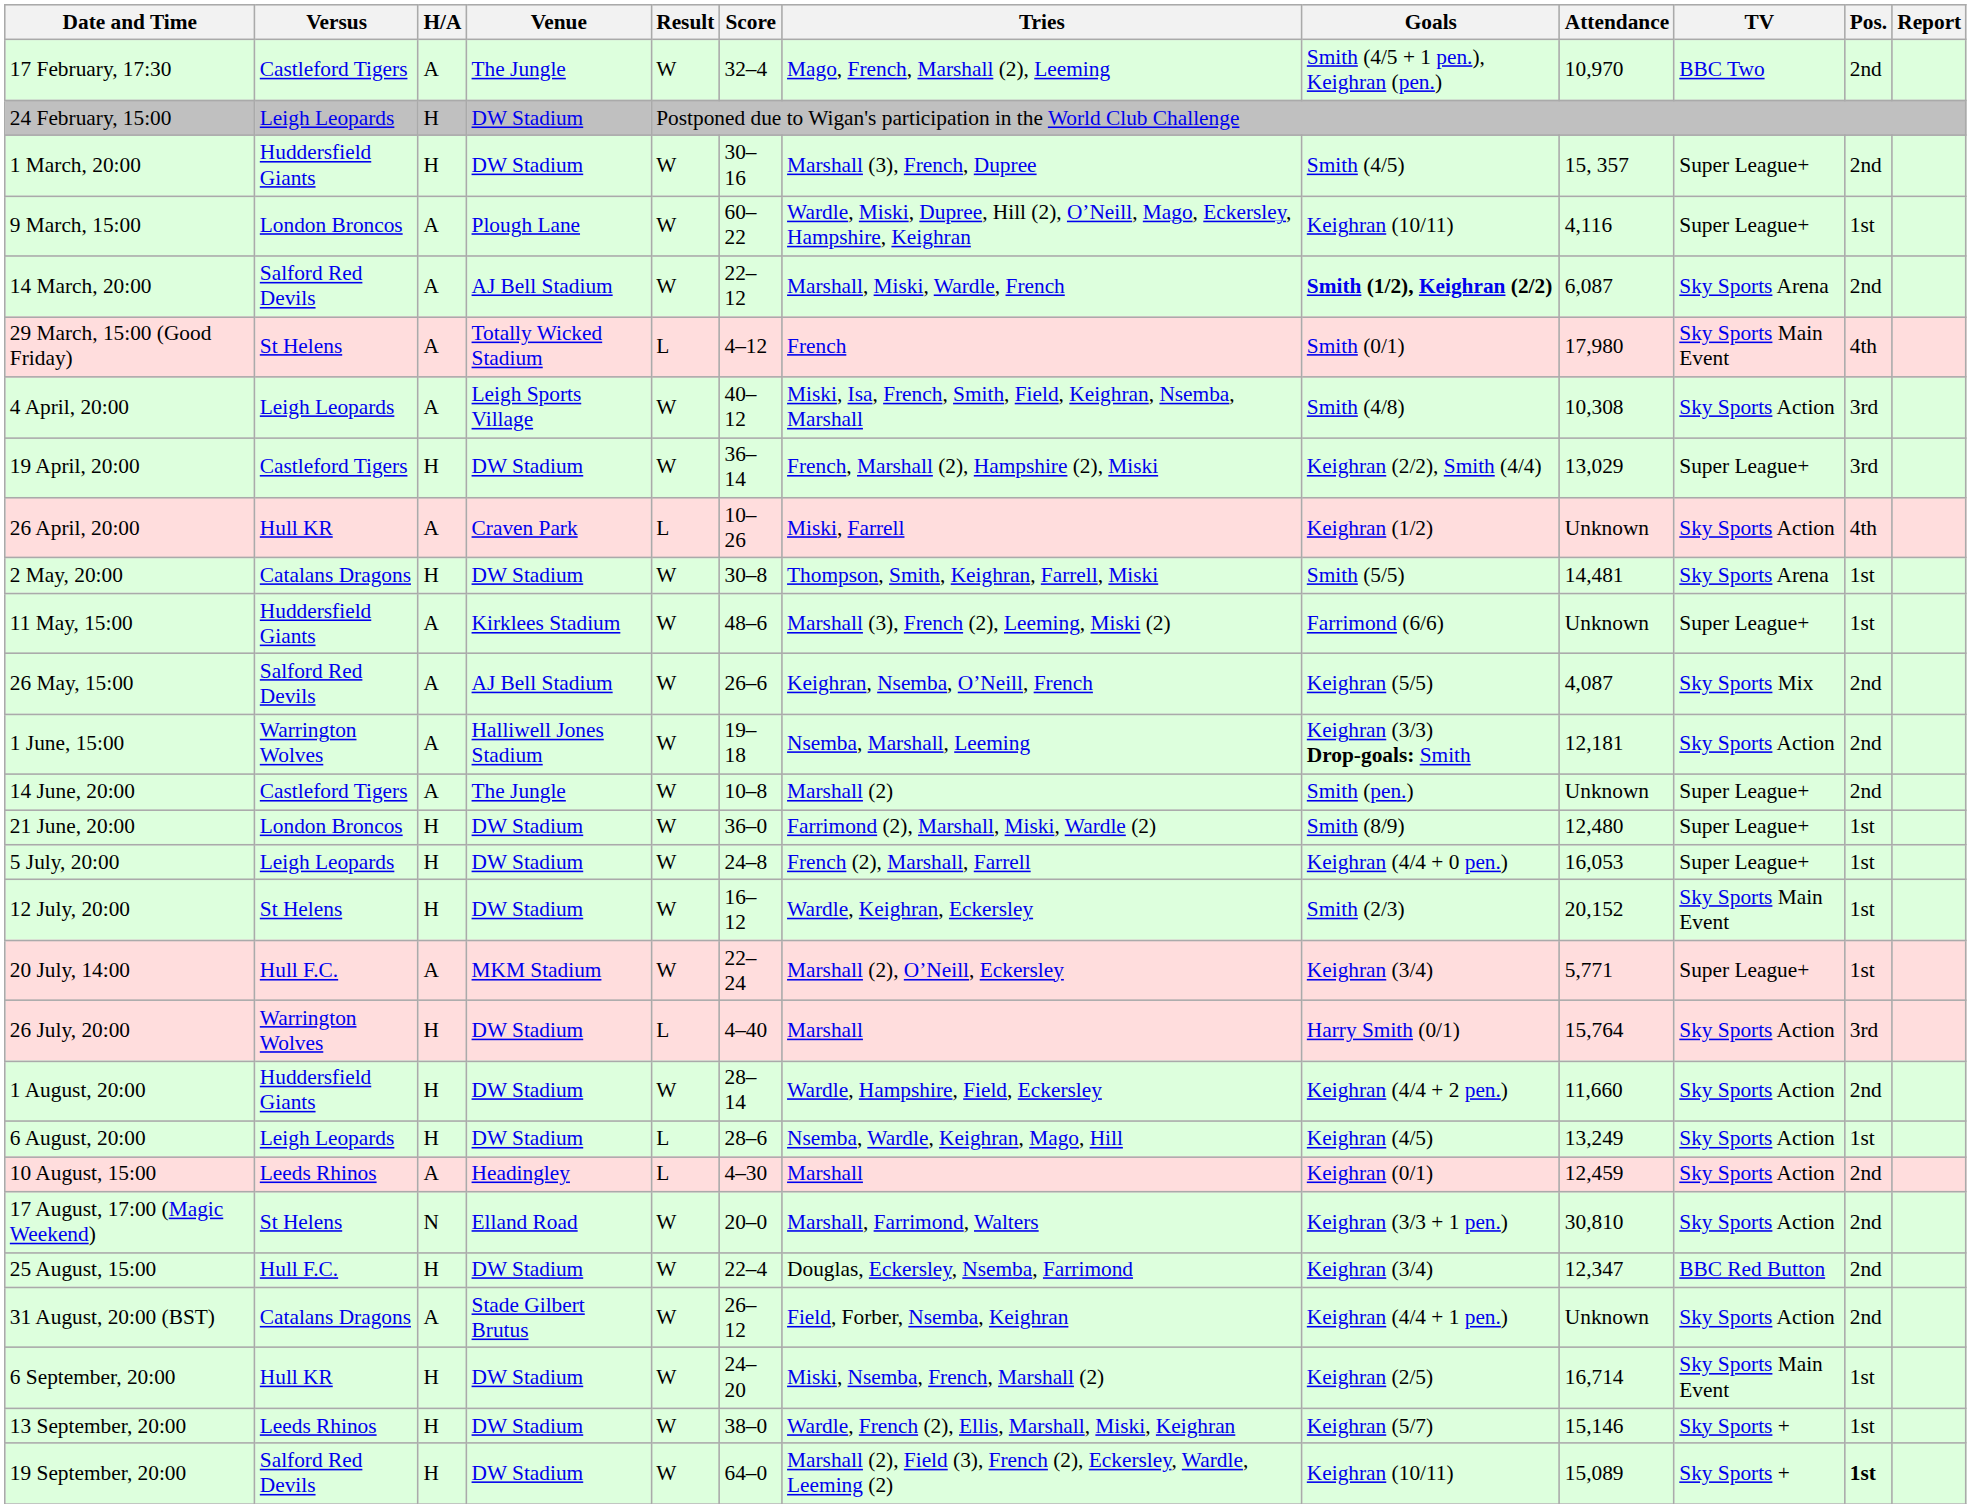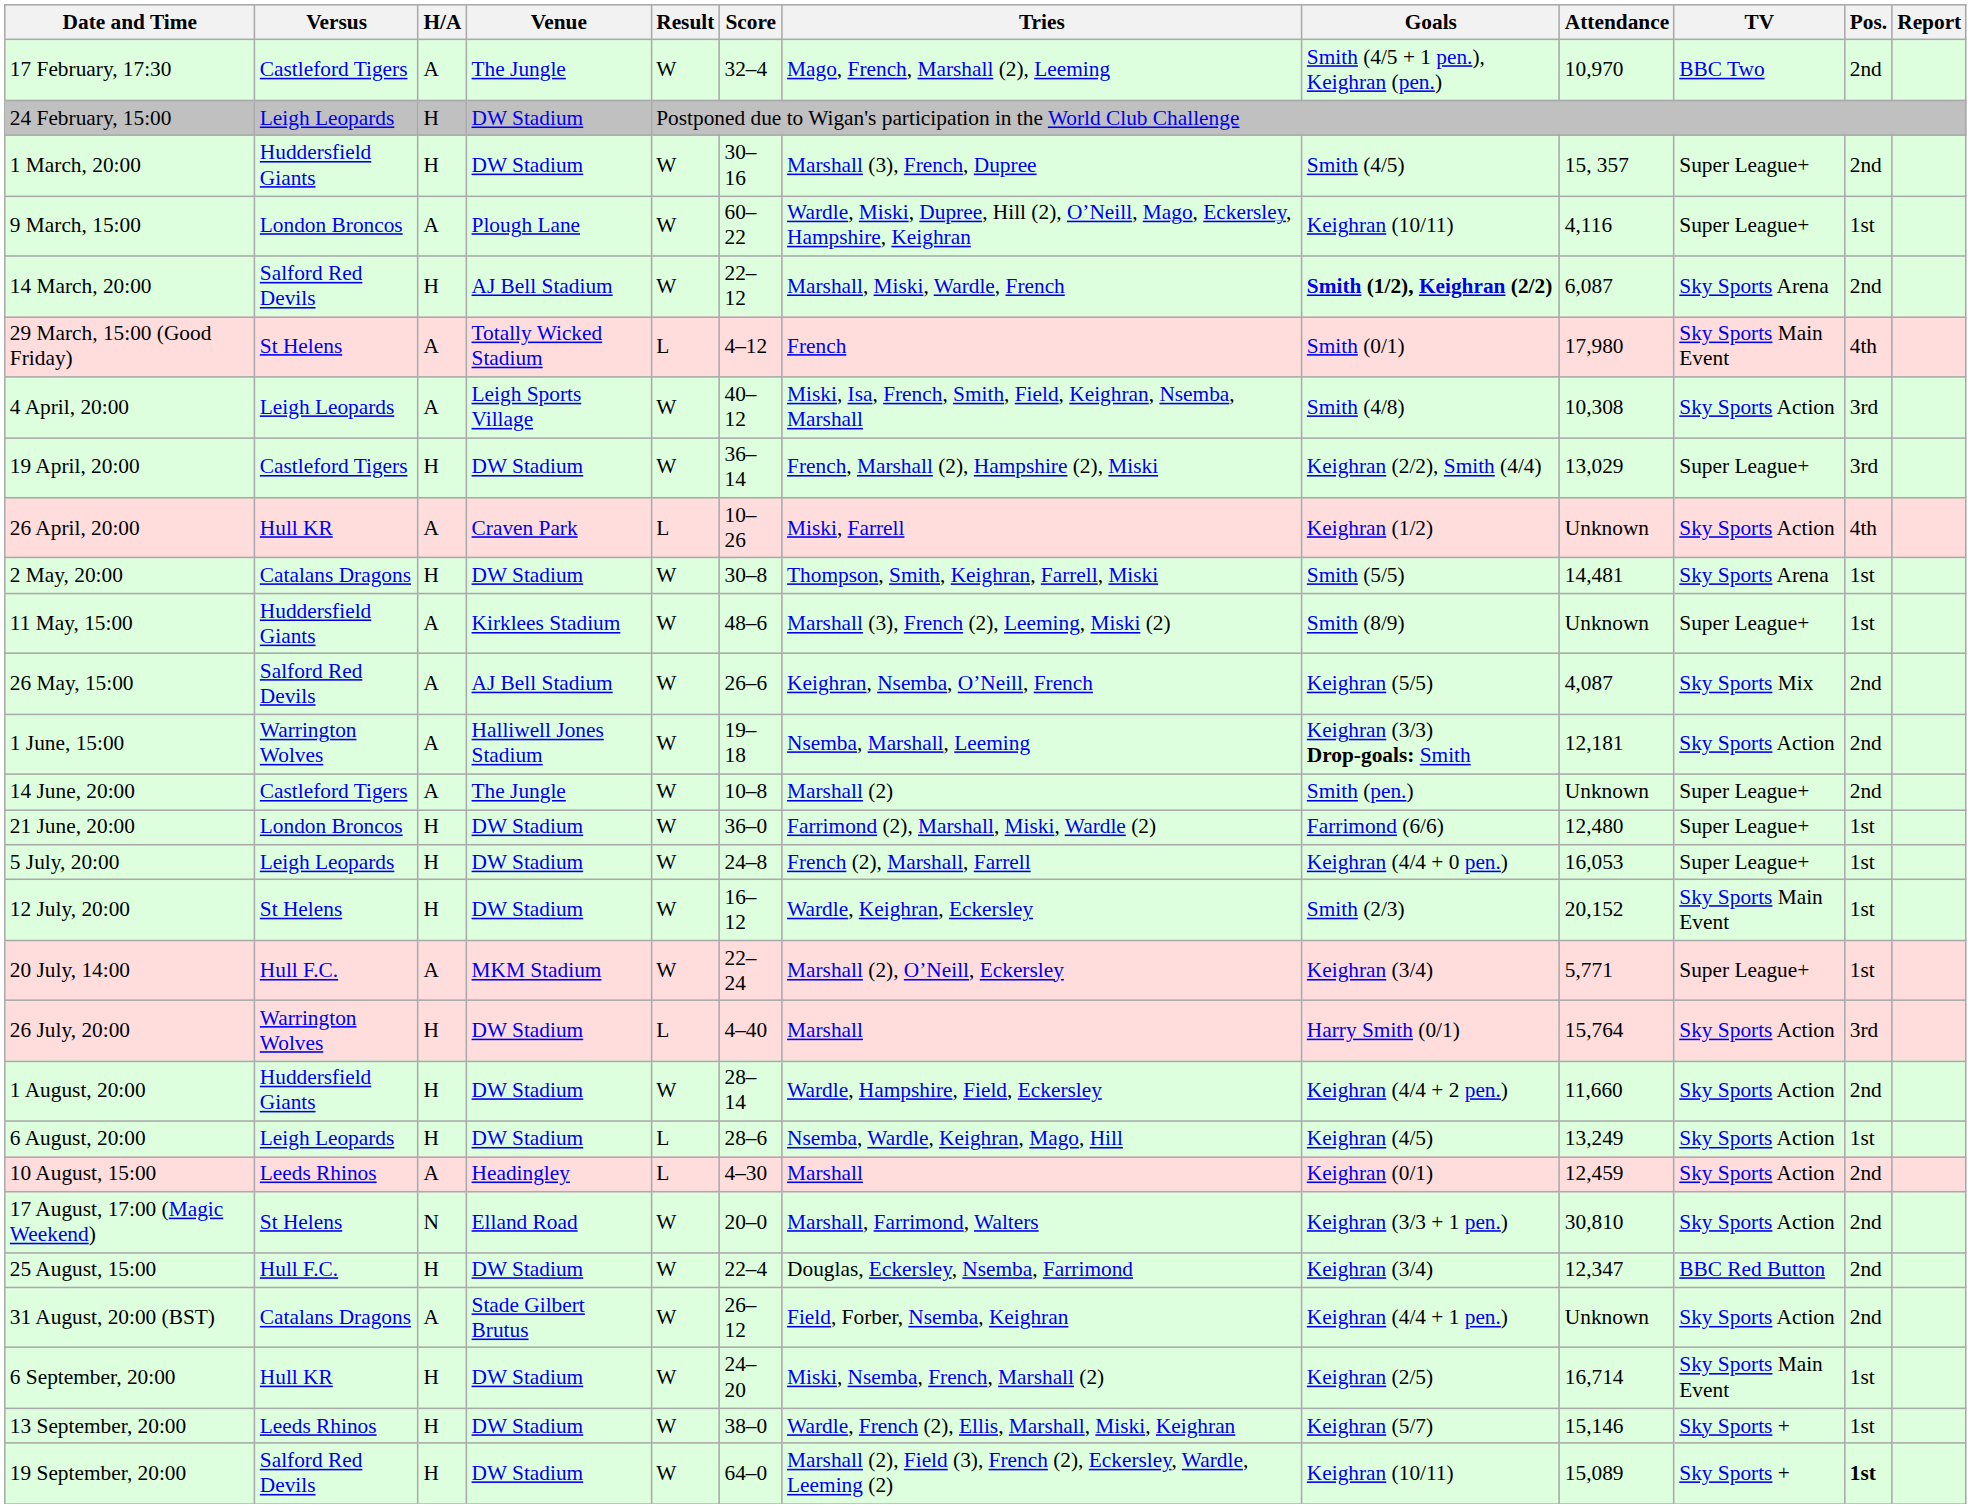 <table class="wikitable" style="font-size:85%;">
 <tr>
 <th>Date and Time</th>
 <th>Versus</th>
 <th>H/A</th>
 <th>Venue</th>
 <th>Result</th>
 <th>Score</th>
 <th>Tries</th>
 <th>Goals</th>
 <th>Attendance</th>
 <th>TV</th>
 <th>Pos.</th>
 <th>Report</th>
 </tr>
 <tr style="background:#ddffdd">
 <td>17 February, 17:30</td>
 <td> <a href='#'>Castleford Tigers</a></td>
 <td>A</td>
 <td><a href='#'>The Jungle</a></td>
 <td>W</td>
 <td>32–4</td>
 <td><a href='#'>Mago</a>, <a href='#'>French</a>, <a href='#'>Marshall</a> (2), <a href='#'>Leeming</a></td>
 <td><a href='#'>Smith</a> (4/5 + 1 <a href='#'>pen.</a>), <a href='#'>Keighran</a> (<a href='#'>pen.</a>)</td>
 <td>10,970</td>
 <td><a href='#'>BBC Two</a></td>
 <td>2nd</td>
 <td></td>
 </tr>
 <tr style="background:#c0c0c0;">
 <td>24 February, 15:00</td>
 <td> <a href='#'>Leigh Leopards</a></td>
 <td>H</td>
 <td><a href='#'>DW Stadium</a></td>
 <td colspan="8">Postponed due to Wigan's participation in the <a href='#'>World Club Challenge</a></td>
 </tr>
 <tr style="background:#ddffdd">
 <td>1 March, 20:00</td>
 <td> <a href='#'>Huddersfield Giants</a></td>
 <td>H</td>
 <td><a href='#'>DW Stadium</a></td>
 <td>W</td>
 <td>30–16</td>
 <td><a href='#'>Marshall</a> (3), <a href='#'>French</a>, <a href='#'>Dupree</a></td>
 <td><a href='#'>Smith</a> (4/5)</td>
 <td>15, 357</td>
 <td>Super League+</td>
 <td>2nd</td>
 <td></td>
 </tr>
 <tr style="background:#ddffdd">
 <td>9 March, 15:00</td>
 <td> <a href='#'>London Broncos</a></td>
 <td>A</td>
 <td><a href='#'>Plough Lane</a></td>
 <td>W</td>
 <td>60–22</td>
 <td><a href='#'>Wardle</a>, <a href='#'>Miski</a>, <a href='#'>Dupree</a>, Hill (2), <a href='#'>O’Neill</a>, <a href='#'>Mago</a>, <a href='#'>Eckersley</a>, <a href='#'>Hampshire</a>, <a href='#'>Keighran</a></td>
 <td><a href='#'>Keighran</a> (10/11)</td>
 <td>4,116</td>
 <td>Super League+</td>
 <td>1st</td>
 <td></td>
 </tr>
 <tr style="background:#ddffdd">
 <td>14 March, 20:00</td>
 <td> <a href='#'>Salford Red Devils</a></td>
-<td>A</td>
+<td>H</td>
 <td><a href='#'>AJ Bell Stadium</a></td>
 <td>W</td>
 <td>22–12</td>
 <td><a href='#'>Marshall</a>, <a href='#'>Miski</a>, <a href='#'>Wardle</a>, <a href='#'>French</a></td>
 <td><strong><a href='#'>Smith</a> (1/2), <a href='#'>Keighran</a> (2/2)</strong></td>
 <td>6,087</td>
 <td><a href='#'>Sky Sports</a> Arena</td>
 <td>2nd</td>
 <td></td>
 </tr>
 <tr style="background:#ffdddd">
 <td>29 March, 15:00 (Good Friday)</td>
 <td> <a href='#'>St Helens</a></td>
 <td>A</td>
 <td><a href='#'>Totally Wicked Stadium</a></td>
 <td>L</td>
 <td>4–12</td>
 <td><a href='#'>French</a></td>
 <td><a href='#'>Smith</a> (0/1)</td>
 <td>17,980</td>
 <td><a href='#'>Sky Sports</a> Main Event</td>
 <td>4th</td>
 <td></td>
 </tr>
 <tr style="background:#ddffdd">
 <td>4 April, 20:00</td>
 <td> <a href='#'>Leigh Leopards</a></td>
 <td>A</td>
 <td><a href='#'>Leigh Sports Village</a></td>
 <td>W</td>
 <td>40–12</td>
 <td><a href='#'>Miski</a>, <a href='#'>Isa</a>, <a href='#'>French</a>, <a href='#'>Smith</a>, <a href='#'>Field</a>, <a href='#'>Keighran</a>, <a href='#'>Nsemba</a>, <a href='#'>Marshall</a></td>
 <td><a href='#'>Smith</a> (4/8)</td>
 <td>10,308</td>
 <td><a href='#'>Sky Sports</a> Action</td>
 <td>3rd</td>
 <td></td>
 </tr>
 <tr style="background:#ddffdd">
 <td>19 April, 20:00</td>
 <td> <a href='#'>Castleford Tigers</a></td>
 <td>H</td>
 <td><a href='#'>DW Stadium</a></td>
 <td>W</td>
 <td>36–14</td>
 <td><a href='#'>French</a>, <a href='#'>Marshall</a> (2), <a href='#'>Hampshire</a> (2), <a href='#'>Miski</a></td>
 <td><a href='#'>Keighran</a> (2/2), <a href='#'>Smith</a> (4/4)</td>
 <td>13,029</td>
 <td>Super League+</td>
 <td>3rd</td>
 <td></td>
 </tr>
 <tr style="background:#ffdddd">
 <td>26 April, 20:00</td>
 <td> <a href='#'>Hull KR</a></td>
 <td>A</td>
 <td><a href='#'>Craven Park</a></td>
 <td>L</td>
 <td>10–26</td>
 <td><a href='#'>Miski</a>, <a href='#'>Farrell</a></td>
 <td><a href='#'>Keighran</a> (1/2)</td>
 <td>Unknown</td>
 <td><a href='#'>Sky Sports</a> Action</td>
 <td>4th</td>
 <td></td>
 </tr>
 <tr style="background:#ddffdd">
 <td>2 May, 20:00</td>
 <td> <a href='#'>Catalans Dragons</a></td>
 <td>H</td>
 <td><a href='#'>DW Stadium</a></td>
 <td>W</td>
 <td>30–8</td>
 <td><a href='#'>Thompson</a>, <a href='#'>Smith</a>, <a href='#'>Keighran</a>, <a href='#'>Farrell</a>, <a href='#'>Miski</a></td>
 <td><a href='#'>Smith</a> (5/5)</td>
 <td>14,481</td>
 <td><a href='#'>Sky Sports</a> Arena</td>
 <td>1st</td>
 <td></td>
 </tr>
 <tr style="background:#ddffdd">
 <td>11 May, 15:00</td>
 <td> <a href='#'>Huddersfield Giants</a></td>
 <td>A</td>
 <td><a href='#'>Kirklees Stadium</a></td>
 <td>W</td>
 <td>48–6</td>
 <td><a href='#'>Marshall</a> (3), <a href='#'>French</a> (2), <a href='#'>Leeming</a>, <a href='#'>Miski</a> (2)</td>
-<td><a href='#'>Farrimond</a> (6/6)</td>
+<td><a href='#'>Smith</a> (8/9)</td>
 <td>Unknown</td>
 <td>Super League+</td>
 <td>1st</td>
 <td></td>
 </tr>
 <tr style="background:#ddffdd">
 <td>26 May, 15:00</td>
 <td> <a href='#'>Salford Red Devils</a></td>
 <td>A</td>
 <td><a href='#'>AJ Bell Stadium</a></td>
 <td>W</td>
 <td>26–6</td>
 <td><a href='#'>Keighran</a>, <a href='#'>Nsemba</a>, <a href='#'>O’Neill</a>, <a href='#'>French</a></td>
 <td><a href='#'>Keighran</a> (5/5)</td>
 <td>4,087</td>
 <td><a href='#'>Sky Sports</a> Mix</td>
 <td>2nd</td>
 <td></td>
 </tr>
 <tr style="background:#ddffdd">
 <td>1 June, 15:00</td>
 <td> <a href='#'>Warrington Wolves</a></td>
 <td>A</td>
 <td><a href='#'>Halliwell Jones Stadium</a></td>
 <td>W</td>
 <td>19–18</td>
 <td><a href='#'>Nsemba</a>, <a href='#'>Marshall</a>, <a href='#'>Leeming</a></td>
 <td><a href='#'>Keighran</a> (3/3) <br><strong>Drop-goals:</strong> <a href='#'>Smith</a></td>
 <td>12,181</td>
 <td><a href='#'>Sky Sports</a> Action</td>
 <td>2nd</td>
 <td></td>
 </tr>
 <tr style="background:#ddffdd">
 <td>14 June, 20:00</td>
 <td> <a href='#'>Castleford Tigers</a></td>
 <td>A</td>
 <td><a href='#'>The Jungle</a></td>
 <td>W</td>
 <td>10–8</td>
 <td><a href='#'>Marshall</a> (2)</td>
 <td><a href='#'>Smith</a> (<a href='#'>pen.</a>)</td>
 <td>Unknown</td>
 <td>Super League+</td>
 <td>2nd</td>
 <td></td>
 </tr>
 <tr style="background:#ddffdd">
 <td>21 June, 20:00</td>
 <td> <a href='#'>London Broncos</a></td>
 <td>H</td>
 <td><a href='#'>DW Stadium</a></td>
 <td>W</td>
 <td>36–0</td>
 <td><a href='#'>Farrimond</a> (2), <a href='#'>Marshall</a>, <a href='#'>Miski</a>, <a href='#'>Wardle</a> (2)</td>
-<td><a href='#'>Smith</a> (8/9)</td>
+<td><a href='#'>Farrimond</a> (6/6)</td>
 <td>12,480</td>
 <td>Super League+</td>
 <td>1st</td>
 <td></td>
 </tr>
 <tr style="background:#ddffdd">
 <td>5 July, 20:00</td>
 <td> <a href='#'>Leigh Leopards</a></td>
 <td>H</td>
 <td><a href='#'>DW Stadium</a></td>
 <td>W</td>
 <td>24–8</td>
 <td><a href='#'>French</a> (2), <a href='#'>Marshall</a>, <a href='#'>Farrell</a></td>
 <td><a href='#'>Keighran</a> (4/4 + 0 <a href='#'>pen.</a>)</td>
 <td>16,053</td>
 <td>Super League+</td>
 <td>1st</td>
 <td></td>
 </tr>
 <tr style="background:#ddffdd">
 <td>12 July, 20:00</td>
 <td> <a href='#'>St Helens</a></td>
 <td>H</td>
 <td><a href='#'>DW Stadium</a></td>
 <td>W</td>
 <td>16–12</td>
 <td><a href='#'>Wardle</a>, <a href='#'>Keighran</a>, <a href='#'>Eckersley</a></td>
 <td><a href='#'>Smith</a> (2/3)</td>
 <td>20,152</td>
 <td><a href='#'>Sky Sports</a> Main Event</td>
 <td>1st</td>
 <td></td>
 </tr>
 <tr style="background:#ffdddd">
 <td>20 July, 14:00</td>
 <td> <a href='#'>Hull F.C.</a></td>
 <td>A</td>
 <td><a href='#'>MKM Stadium</a></td>
 <td>W</td>
 <td>22–24</td>
 <td><a href='#'>Marshall</a> (2), <a href='#'>O’Neill</a>, <a href='#'>Eckersley</a></td>
 <td><a href='#'>Keighran</a> (3/4)</td>
 <td>5,771</td>
 <td>Super League+</td>
 <td>1st</td>
 <td></td>
 </tr>
 <tr style="background:#ffdddd">
 <td>26 July, 20:00</td>
 <td> <a href='#'>Warrington Wolves</a></td>
 <td>H</td>
 <td><a href='#'>DW Stadium</a></td>
 <td>L</td>
 <td>4–40</td>
 <td><a href='#'>Marshall</a></td>
 <td><a href='#'> Harry Smith</a> (0/1)</td>
 <td>15,764</td>
 <td><a href='#'>Sky Sports</a> Action</td>
 <td>3rd</td>
 <td></td>
 </tr>
 <tr style="background:#ddffdd">
 <td>1 August, 20:00</td>
 <td> <a href='#'>Huddersfield Giants</a></td>
 <td>H</td>
 <td><a href='#'>DW Stadium</a></td>
 <td>W</td>
 <td>28–14</td>
 <td><a href='#'>Wardle</a>, <a href='#'>Hampshire</a>, <a href='#'>Field</a>, <a href='#'>Eckersley</a></td>
 <td><a href='#'>Keighran</a> (4/4 + 2 <a href='#'>pen.</a>)</td>
 <td>11,660</td>
 <td><a href='#'>Sky Sports</a> Action</td>
 <td>2nd</td>
 <td></td>
 </tr>
 <tr style="background:#ddffdd">
 <td>6 August, 20:00</td>
 <td> <a href='#'>Leigh Leopards</a></td>
 <td>H</td>
 <td><a href='#'>DW Stadium</a></td>
 <td>L</td>
 <td>28–6</td>
 <td><a href='#'>Nsemba</a>, <a href='#'>Wardle</a>, <a href='#'>Keighran</a>, <a href='#'>Mago</a>, <a href='#'>Hill</a></td>
 <td><a href='#'>Keighran</a> (4/5)</td>
 <td>13,249</td>
 <td><a href='#'>Sky Sports</a> Action</td>
 <td>1st</td>
 <td></td>
 </tr>
 <tr style="background:#ffdddd">
 <td>10 August, 15:00</td>
 <td> <a href='#'>Leeds Rhinos</a></td>
 <td>A</td>
 <td><a href='#'>Headingley</a></td>
 <td>L</td>
 <td>4–30</td>
 <td><a href='#'>Marshall</a></td>
 <td><a href='#'>Keighran</a> (0/1)</td>
 <td>12,459</td>
 <td><a href='#'>Sky Sports</a> Action</td>
 <td>2nd</td>
 <td></td>
 </tr>
 <tr style="background:#ddffdd">
 <td>17 August, 17:00 (<a href='#'>Magic Weekend</a>)</td>
 <td> <a href='#'>St Helens</a></td>
 <td>N</td>
 <td><a href='#'>Elland Road</a></td>
 <td>W</td>
 <td>20–0</td>
 <td><a href='#'>Marshall</a>, <a href='#'>Farrimond</a>, <a href='#'>Walters</a></td>
 <td><a href='#'>Keighran</a> (3/3 + 1 <a href='#'>pen.</a>)</td>
 <td>30,810</td>
 <td><a href='#'>Sky Sports</a> Action</td>
 <td>2nd</td>
 <td></td>
 </tr>
 <tr style="background:#ddffdd">
 <td>25 August, 15:00</td>
 <td> <a href='#'>Hull F.C.</a></td>
 <td>H</td>
 <td><a href='#'>DW Stadium</a></td>
 <td>W</td>
 <td>22–4</td>
 <td>Douglas, <a href='#'>Eckersley</a>, <a href='#'>Nsemba</a>, <a href='#'>Farrimond</a></td>
 <td><a href='#'>Keighran</a> (3/4)</td>
 <td>12,347</td>
 <td><a href='#'>BBC Red Button</a></td>
 <td>2nd</td>
 <td></td>
 </tr>
 <tr style="background:#ddffdd">
 <td>31 August, 20:00 (BST)</td>
 <td> <a href='#'>Catalans Dragons</a></td>
 <td>A</td>
 <td><a href='#'>Stade Gilbert Brutus</a></td>
 <td>W</td>
 <td>26–12</td>
 <td><a href='#'>Field</a>, Forber, <a href='#'>Nsemba</a>, <a href='#'>Keighran</a></td>
 <td><a href='#'>Keighran</a> (4/4 + 1 <a href='#'>pen.</a>)</td>
 <td>Unknown</td>
 <td><a href='#'>Sky Sports</a> Action</td>
 <td>2nd</td>
 <td></td>
 </tr>
 <tr style="background:#ddffdd">
 <td>6 September, 20:00</td>
 <td> <a href='#'>Hull KR</a></td>
 <td>H</td>
 <td><a href='#'>DW Stadium</a></td>
 <td>W</td>
 <td>24–20</td>
 <td><a href='#'>Miski</a>, <a href='#'>Nsemba</a>, <a href='#'>French</a>, <a href='#'>Marshall</a> (2)</td>
 <td><a href='#'>Keighran</a> (2/5)</td>
 <td>16,714</td>
 <td><a href='#'>Sky Sports</a> Main Event</td>
 <td>1st</td>
 <td></td>
 </tr>
 <tr style="background:#ddffdd">
 <td>13 September, 20:00</td>
 <td> <a href='#'>Leeds Rhinos</a></td>
 <td>H</td>
 <td><a href='#'>DW Stadium</a></td>
 <td>W</td>
 <td>38–0</td>
 <td><a href='#'>Wardle</a>, <a href='#'>French</a> (2), <a href='#'>Ellis</a>, <a href='#'>Marshall</a>, <a href='#'>Miski</a>, <a href='#'>Keighran</a></td>
 <td><a href='#'>Keighran</a> (5/7)</td>
 <td>15,146</td>
 <td><a href='#'>Sky Sports</a> +</td>
 <td>1st</td>
 <td></td>
 </tr>
 <tr style="background:#ddffdd">
 <td>19 September, 20:00</td>
 <td> <a href='#'>Salford Red Devils</a></td>
 <td>H</td>
 <td><a href='#'>DW Stadium</a></td>
 <td>W</td>
 <td>64–0</td>
 <td><a href='#'>Marshall</a> (2), <a href='#'>Field</a> (3), <a href='#'>French</a> (2), <a href='#'>Eckersley</a>, <a href='#'>Wardle</a>, <a href='#'>Leeming</a> (2)</td>
 <td><a href='#'>Keighran</a> (10/11)</td>
 <td>15,089</td>
 <td><a href='#'>Sky Sports</a> +</td>
 <td><strong>1st</strong></td>
 <td></td>
 </tr>
 </table>
